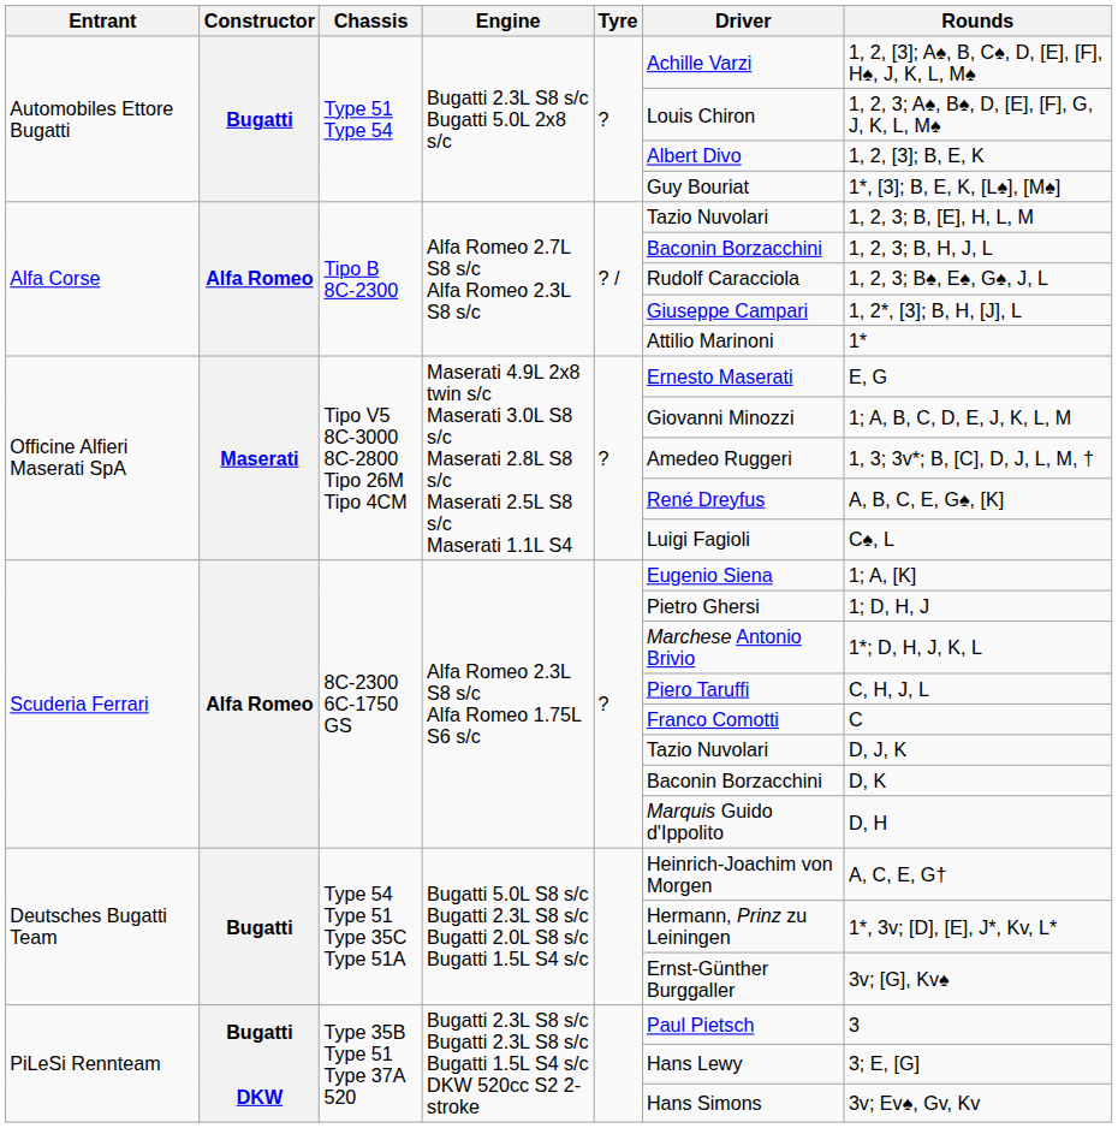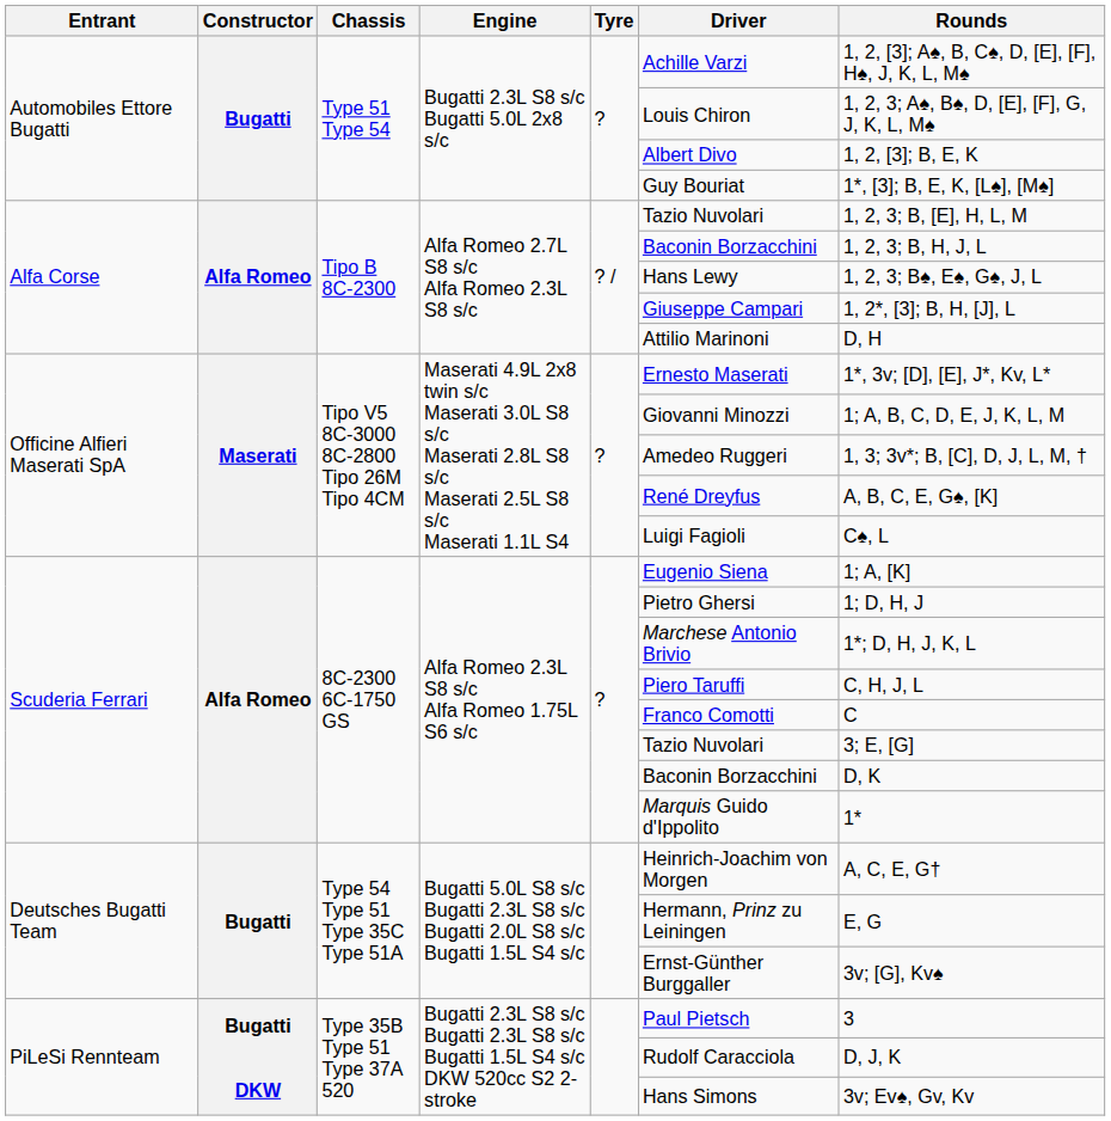 <table class="wikitable" style="font-size: 95%">
 <tr>
 <th>Entrant</th>
 <th>Constructor</th>
 <th>Chassis</th>
 <th>Engine</th>
 <th>Tyre</th>
 <th>Driver</th>
 <th>Rounds</th>
 </tr>
 <tr>
 <td rowspan=4> Automobiles Ettore Bugatti</td>
 <th rowspan=4><a href='#'>Bugatti</a></th>
 <td rowspan=4><a href='#'>Type 51</a><br><a href='#'>Type 54</a></td>
 <td rowspan=4>Bugatti 2.3L S8 s/c<br>Bugatti 5.0L 2x8 s/c</td>
 <td rowspan=4>?</td>
 <td> <a href='#'>Achille Varzi</a></td>
 <td>1, 2, [3]; A♠, B, C♠, D, [E], [F], H♠, J, K, L, M♠</td>
 </tr>
 <tr>
 <td> Louis Chiron</td>
 <td>1, 2, 3; A♠, B♠, D, [E], [F], G, J, K, L, M♠</td>
 </tr>
 <tr>
 <td> <a href='#'>Albert Divo</a></td>
 <td>1, 2, [3]; B, E, K</td>
 </tr>
 <tr>
 <td> Guy Bouriat</td>
 <td>1*, [3]; B, E, K, [L♠], [M♠]</td>
 </tr>
 <tr>
 <td rowspan=5> <a href='#'>Alfa Corse</a></td>
 <th rowspan=5><a href='#'>Alfa Romeo</a></th>
 <td rowspan=5><a href='#'>Tipo B</a><br><a href='#'>8C-2300</a></td>
 <td rowspan=5>Alfa Romeo 2.7L S8 s/c<br>Alfa Romeo 2.3L S8 s/c</td>
 <td rowspan=5>? /<br></td>
 <td> Tazio Nuvolari</td>
 <td>1, 2, 3; B, [E], H, L, M</td>
 </tr>
 <tr>
 <td> <a href='#'>Baconin Borzacchini</a></td>
 <td>1, 2, 3; B, H, J, L</td>
 </tr>
 <tr>
-<td> Rudolf Caracciola</td>
+<td> Hans Lewy</td>
 <td>1, 2, 3; B♠, E♠, G♠, J, L</td>
 </tr>
 <tr>
 <td> <a href='#'>Giuseppe Campari</a></td>
 <td>1, 2*, [3]; B, H, [J], L</td>
 </tr>
 <tr>
 <td> Attilio Marinoni</td>
-<td>1*</td>
+<td>D, H</td>
 </tr>
 <tr>
 <td rowspan=5> Officine Alfieri Maserati SpA</td>
 <th rowspan=5><a href='#'>Maserati</a></th>
 <td rowspan=5>Tipo V5<br>8C-3000<br>8C-2800<br>Tipo 26M<br>Tipo 4CM</td>
 <td rowspan=5>Maserati 4.9L 2x8 twin s/c<br>Maserati 3.0L S8 s/c<br> Maserati 2.8L S8 s/c<br> Maserati 2.5L S8 s/c<br>Maserati 1.1L S4</td>
 <td rowspan=5>?</td>
 <td> <a href='#'>Ernesto Maserati</a></td>
-<td>E, G</td>
+<td>1*, 3v; [D], [E], J*, Kv, L*</td>
 </tr>
 <tr>
 <td> Giovanni Minozzi</td>
 <td>1; A, B, C, D, E, J, K, L, M</td>
 </tr>
 <tr>
 <td> Amedeo Ruggeri</td>
 <td>1, 3; 3v*; B, [C], D, J, L, M, †</td>
 </tr>
 <tr>
 <td> <a href='#'>René Dreyfus</a></td>
 <td>A, B, C, E, G♠, [K]</td>
 </tr>
 <tr>
 <td> Luigi Fagioli</td>
 <td>C♠, L</td>
 </tr>
 <tr>
 <td rowspan=8> <a href='#'>Scuderia Ferrari</a></td>
 <th rowspan=8>Alfa Romeo</th>
 <td rowspan=8>8C-2300<br>6C-1750 GS</td>
 <td rowspan=8>Alfa Romeo 2.3L S8 s/c<br>Alfa Romeo 1.75L S6 s/c</td>
 <td rowspan=8>?</td>
 <td> <a href='#'>Eugenio Siena</a></td>
 <td>1; A, [K]</td>
 </tr>
 <tr>
 <td> Pietro Ghersi</td>
 <td>1; D, H, J</td>
 </tr>
 <tr>
 <td> <em>Marchese</em> <a href='#'>Antonio Brivio</a></td>
 <td>1*; D, H, J, K, L</td>
 </tr>
 <tr>
 <td> <a href='#'>Piero Taruffi</a></td>
 <td>C, H, J, L</td>
 </tr>
 <tr>
 <td> <a href='#'>Franco Comotti</a></td>
 <td>C</td>
 </tr>
 <tr>
 <td> Tazio Nuvolari</td>
-<td>D, J, K</td>
+<td>3; E, [G]</td>
 </tr>
 <tr>
 <td> Baconin Borzacchini</td>
 <td>D, K</td>
 </tr>
 <tr>
 <td> <em>Marquis</em> Guido d'Ippolito</td>
-<td>D, H</td>
+<td>1*</td>
 </tr>
 <tr>
 <td rowspan=3> Deutsches Bugatti Team</td>
 <th rowspan=3>Bugatti</th>
 <td rowspan=3>Type 54<br>Type 51<br>Type 35C<br>Type 51A</td>
 <td rowspan=3>Bugatti 5.0L S8 s/c<br>Bugatti 2.3L S8 s/c <br>Bugatti 2.0L S8 s/c<br>Bugatti 1.5L S4 s/c</td>
 <td rowspan=3></td>
 <td> Heinrich-Joachim von Morgen</td>
 <td>A, C, E, G†</td>
 </tr>
 <tr>
 <td> Hermann, <em>Prinz</em> zu Leiningen</td>
-<td>1*, 3v; [D], [E], J*, Kv, L*</td>
+<td>E, G</td>
 </tr>
 <tr>
 <td> Ernst-Günther Burggaller</td>
 <td>3v; [G], Kv♠</td>
 </tr>
 <tr>
 <td rowspan=3> PiLeSi Rennteam</td>
 <th rowspan=3>Bugatti<br> <br> <br><a href='#'>DKW</a></th>
 <td rowspan=3>Type 35B<br>Type 51<br>Type 37A<br>520</td>
 <td rowspan=3>Bugatti 2.3L S8 s/c<br>Bugatti 2.3L S8 s/c <br>Bugatti 1.5L S4 s/c<br>DKW 520cc S2 2-stroke</td>
 <td rowspan=3></td>
 <td> <a href='#'>Paul Pietsch</a></td>
 <td>3</td>
 </tr>
 <tr>
-<td> Hans Lewy</td>
-<td>3; E, [G]</td>
+<td> Rudolf Caracciola</td>
+<td>D, J, K</td>
 </tr>
 <tr>
 <td> Hans Simons</td>
 <td>3v; Ev♠, Gv, Kv</td>
 </tr>
 </table>
